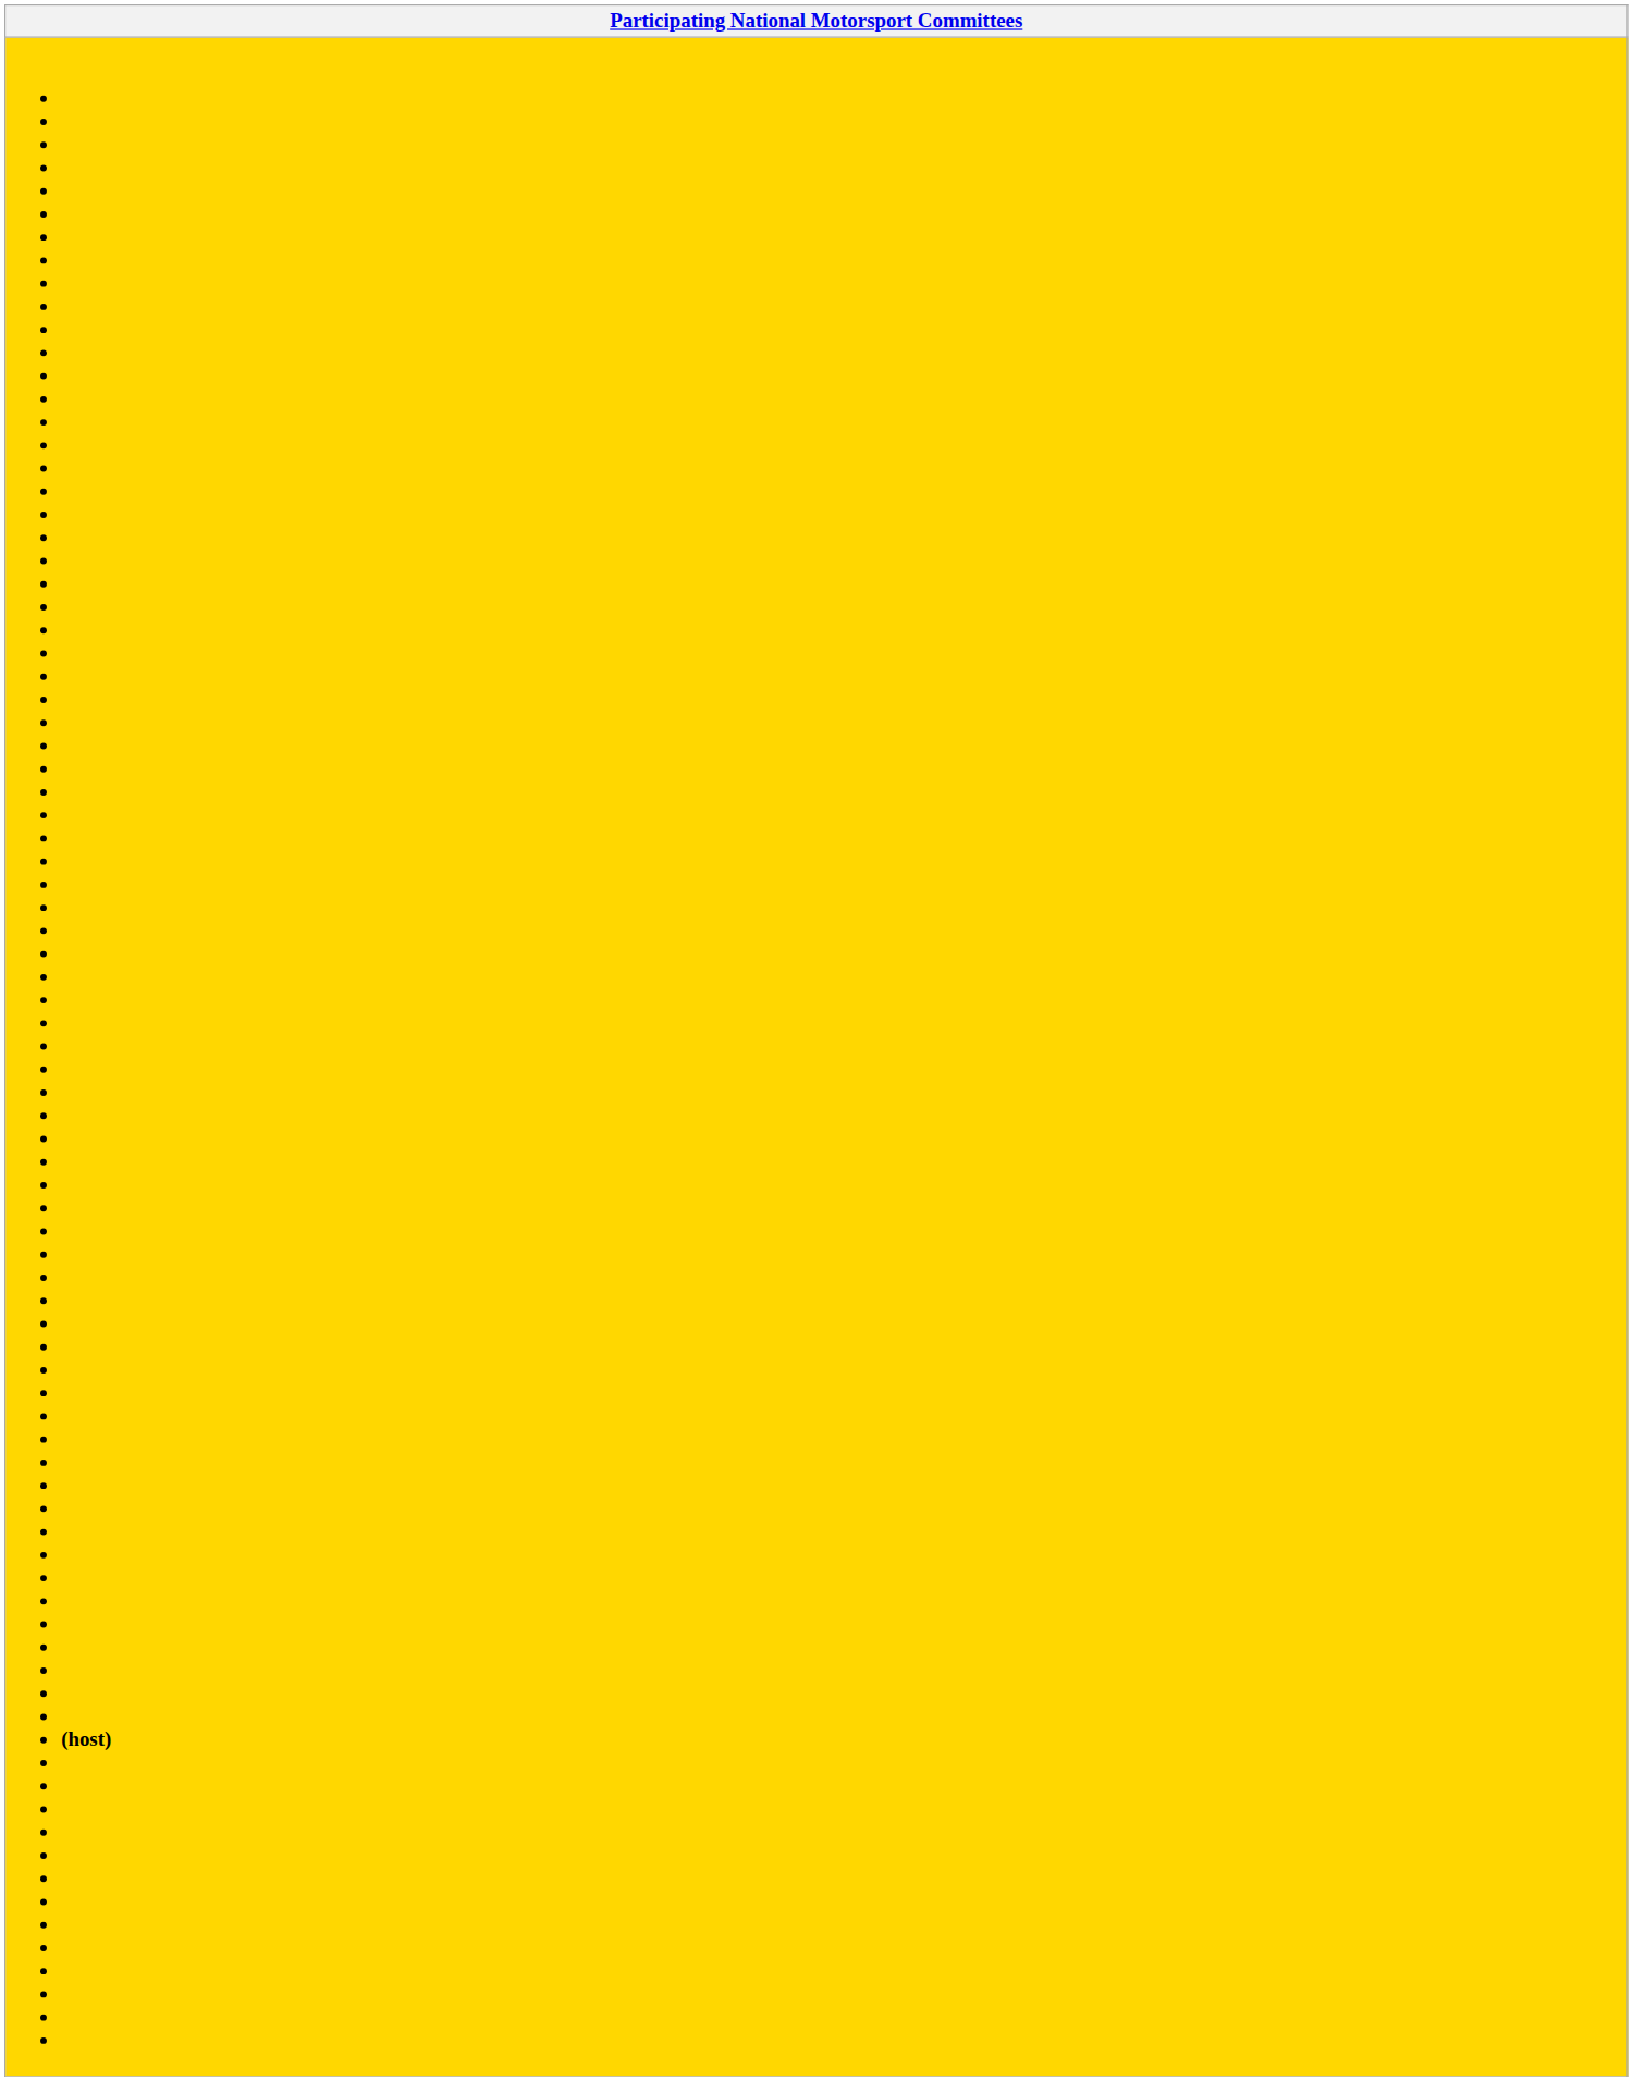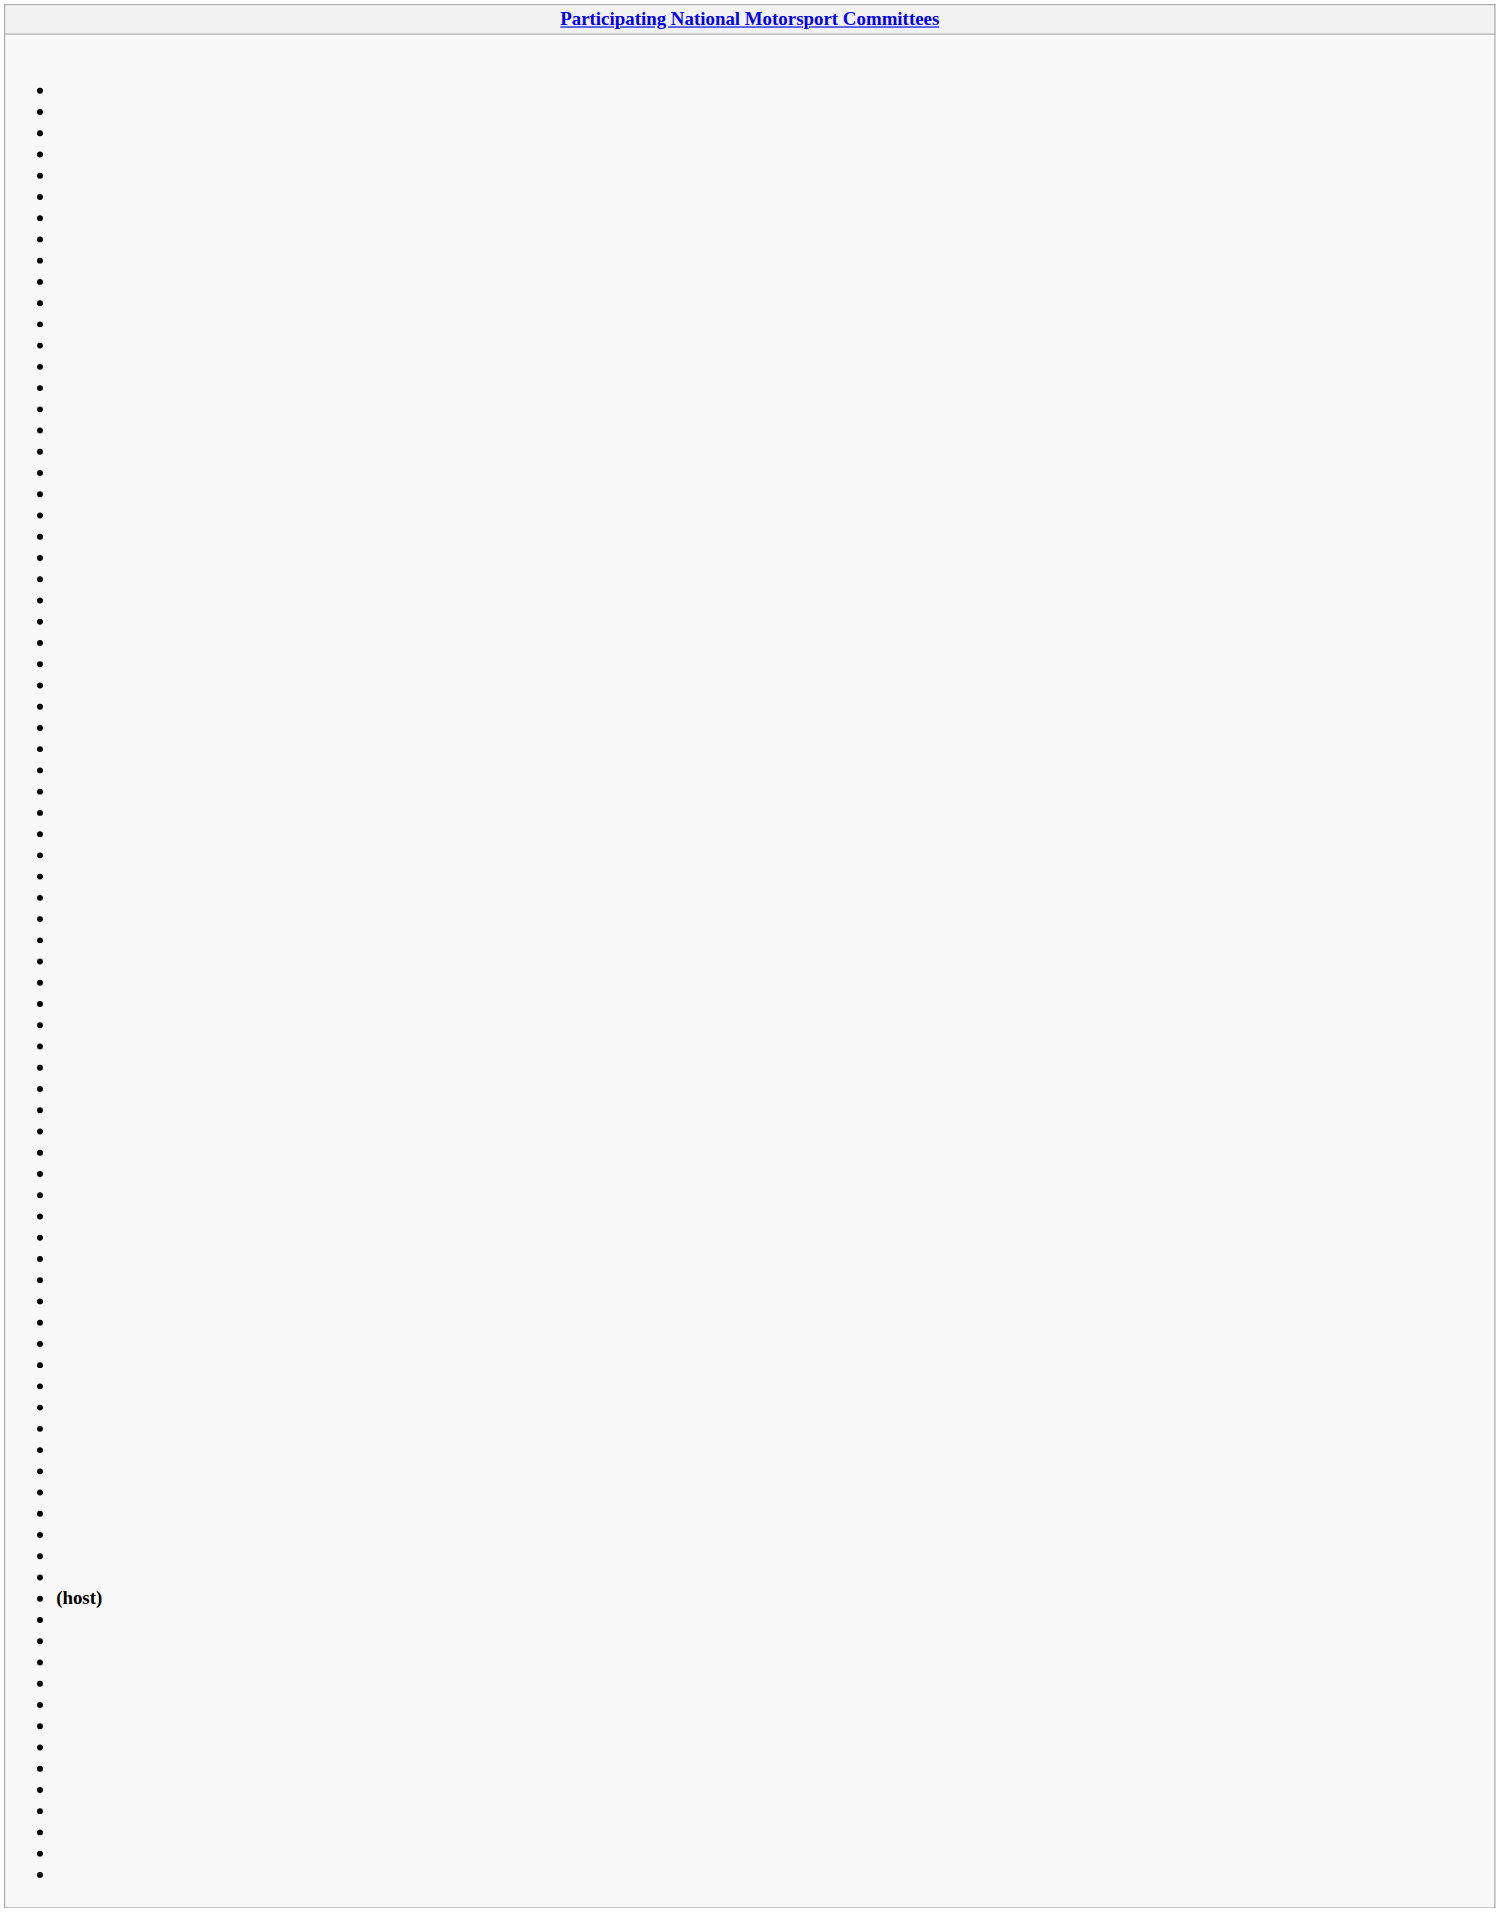 <table class="wikitable mw-collapsible" style="width:100%;">
 <tr>
 <th><a href='#'>Participating National Motorsport Committees</a></th>
 </tr>
 <tr>
-<td style="background: gold;"><br><ul><li></li><li></li><li></li><li></li><li></li><li></li><li></li><li></li><li></li><li></li><li></li><li></li><li></li><li></li><li></li><li></li><li></li><li></li><li></li><li></li><li></li><li></li><li></li><li></li><li></li><li></li><li></li><li></li><li></li><li></li><li></li><li></li><li></li><li></li><li></li><li></li><li></li><li></li><li></li><li></li><li></li><li></li><li></li><li></li><li></li><li></li><li></li><li></li><li></li><li></li><li></li><li></li><li></li><li></li><li></li><li></li><li></li><li></li><li></li><li></li><li></li><li></li><li></li><li></li><li></li><li></li><li></li><li></li><li></li><li></li><li></li><li> <strong>(host)</strong></li><li></li><li></li><li></li><li></li><li></li><li></li><li></li><li></li><li></li><li></li><li></li><li></li><li></li></ul></td>
+<td><br><ul><li></li><li></li><li></li><li></li><li></li><li></li><li></li><li></li><li></li><li></li><li></li><li></li><li></li><li></li><li></li><li></li><li></li><li></li><li></li><li></li><li></li><li></li><li></li><li></li><li></li><li></li><li></li><li></li><li></li><li></li><li></li><li></li><li></li><li></li><li></li><li></li><li></li><li></li><li></li><li></li><li></li><li></li><li></li><li></li><li></li><li></li><li></li><li></li><li></li><li></li><li></li><li></li><li></li><li></li><li></li><li></li><li></li><li></li><li></li><li></li><li></li><li></li><li></li><li></li><li></li><li></li><li></li><li></li><li></li><li></li><li></li><li> <strong>(host)</strong></li><li></li><li></li><li></li><li></li><li></li><li></li><li></li><li></li><li></li><li></li><li></li><li></li><li></li></ul></td>
 </tr>
 </table>
